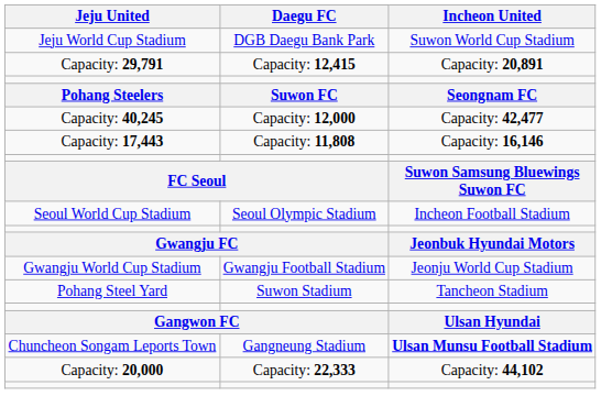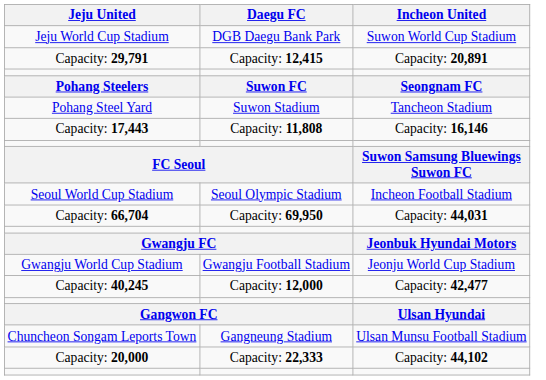 <table class="wikitable" style="text-align:center">
 <tr>
 <th><a href='#'>Jeju United</a></th>
 <th><a href='#'>Daegu FC</a></th>
 <th><a href='#'>Incheon United</a></th>
 </tr>
 <tr>
 <td><a href='#'>Jeju World Cup Stadium</a></td>
 <td><a href='#'>DGB Daegu Bank Park</a></td>
 <td><a href='#'>Suwon World Cup Stadium</a></td>
 </tr>
 <tr>
 <td>Capacity: <strong>29,791</strong></td>
 <td>Capacity: <strong>12,415</strong></td>
 <td>Capacity: <strong>20,891</strong></td>
 </tr>
 <tr>
 <td></td>
 <td></td>
 <td></td>
 </tr>
 <tr>
 <th><a href='#'>Pohang Steelers</a></th>
 <th><a href='#'>Suwon FC</a></th>
 <th><a href='#'>Seongnam FC</a></th>
 </tr>
 <tr>
-<td>Capacity: <strong>40,245</strong></td>
-<td>Capacity: <strong>12,000</strong></td>
-<td>Capacity: <strong>42,477</strong></td>
+<td><a href='#'>Pohang Steel Yard</a></td>
+<td><a href='#'>Suwon Stadium</a></td>
+<td><a href='#'>Tancheon Stadium</a></td>
 </tr>
 <tr>
 <td>Capacity: <strong>17,443</strong></td>
 <td>Capacity: <strong>11,808</strong></td>
 <td>Capacity: <strong>16,146</strong></td>
 </tr>
 <tr>
 <td></td>
 <td></td>
 <td></td>
 </tr>
 <tr>
 <th colspan="2"><a href='#'>FC Seoul</a></th>
 <th><a href='#'>Suwon Samsung Bluewings</a><br> <a href='#'>Suwon FC</a></th>
 </tr>
 <tr>
 <td><a href='#'>Seoul World Cup Stadium</a></td>
 <td><a href='#'>Seoul Olympic Stadium</a></td>
 <td><a href='#'>Incheon Football Stadium</a></td>
 </tr>
 <tr>
+<td>Capacity: <strong>66,704</strong></td>
+<td>Capacity: <strong>69,950</strong></td>
+<td>Capacity: <strong>44,031</strong></td>
+</tr>
+<tr>
 <td></td>
 <td></td>
 <td></td>
 </tr>
 <tr>
 <th colspan="2'"><a href='#'>Gwangju FC</a></th>
 <th><a href='#'>Jeonbuk Hyundai Motors</a></th>
 </tr>
 <tr>
 <td><a href='#'>Gwangju World Cup Stadium</a></td>
 <td><a href='#'>Gwangju Football Stadium</a></td>
 <td><a href='#'>Jeonju World Cup Stadium</a></td>
 </tr>
 <tr>
-<td><a href='#'>Pohang Steel Yard</a></td>
-<td><a href='#'>Suwon Stadium</a></td>
-<td><a href='#'>Tancheon Stadium</a></td>
+<td>Capacity: <strong>40,245</strong></td>
+<td>Capacity: <strong>12,000</strong></td>
+<td>Capacity: <strong>42,477</strong></td>
 </tr>
 <tr>
 <td></td>
 <td></td>
 <td></td>
 </tr>
 <tr>
 <th colspan="2"><a href='#'>Gangwon FC</a></th>
 <th><a href='#'>Ulsan Hyundai</a></th>
 </tr>
 <tr>
 <td><a href='#'>Chuncheon Songam Leports Town</a></td>
 <td><a href='#'>Gangneung Stadium</a></td>
-<td><strong><a href='#'>Ulsan Munsu Football Stadium</a></strong></td>
+<td><a href='#'>Ulsan Munsu Football Stadium</a></td>
 </tr>
 <tr>
 <td>Capacity: <strong>20,000</strong></td>
 <td>Capacity: <strong>22,333</strong></td>
 <td>Capacity: <strong>44,102</strong></td>
 </tr>
 <tr>
 <td></td>
 <td></td>
 <td></td>
 </tr>
 </table>
